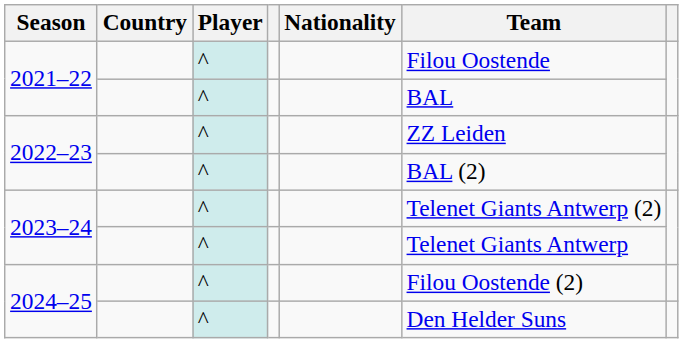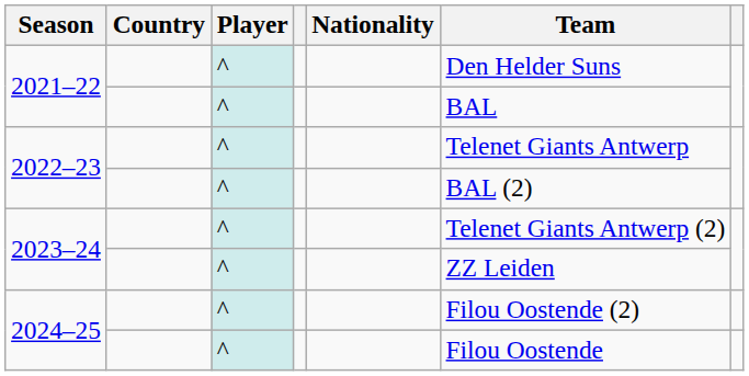 <table class="wikitable plainrowheaders sortable" summary="Year (sortable), Player (sortable), Position (sortable), Nationality (sortable) and Team (sortable)">
 <tr>
 <th scope="col">Season</th>
 <th scope="col">Country</th>
 <th scope="col">Player</th>
 <th scope="col"></th>
 <th scope="col">Nationality</th>
 <th scope="col">Team</th>
 <th scope="col"></th>
 </tr>
 <tr>
 <td rowspan="2" align=center><a href='#'>2021–22</a></td>
 <td></td>
 <td style="background:#CFECEC;">^</td>
 <td align=center></td>
 <td></td>
-<td> <a href='#'>Filou Oostende</a></td>
+<td> <a href='#'>Den Helder Suns</a></td>
 <td rowspan="2" align=center></td>
 </tr>
 <tr>
 <td></td>
 <td style="background:#CFECEC;">^</td>
 <td align=center></td>
 <td></td>
 <td> <a href='#'>BAL</a></td>
 </tr>
 <tr>
 <td rowspan="2" align=center><a href='#'>2022–23</a></td>
 <td></td>
 <td style="background:#CFECEC;">^</td>
 <td align=center></td>
 <td></td>
-<td> <a href='#'>ZZ Leiden</a></td>
+<td> <a href='#'>Telenet Giants Antwerp</a></td>
 <td rowspan="2" align=center></td>
 </tr>
 <tr>
 <td></td>
 <td style="background:#CFECEC;">^</td>
 <td align=center></td>
 <td></td>
 <td> <a href='#'>BAL</a> (2)</td>
 </tr>
 <tr>
 <td rowspan="2" align=center><a href='#'>2023–24</a></td>
 <td></td>
 <td style="background:#CFECEC;">^</td>
 <td align=center></td>
 <td></td>
 <td> <a href='#'>Telenet Giants Antwerp</a> (2)</td>
 <td rowspan="2" align=center></td>
 </tr>
 <tr>
 <td></td>
 <td style="background:#CFECEC;">^</td>
 <td align=center></td>
 <td></td>
-<td> <a href='#'>Telenet Giants Antwerp</a></td>
+<td> <a href='#'>ZZ Leiden</a></td>
 </tr>
 <tr>
 <td rowspan="2" align=center><a href='#'>2024–25</a></td>
 <td></td>
 <td style="background:#CFECEC;">^</td>
 <td align=center></td>
 <td></td>
 <td> <a href='#'>Filou Oostende</a> (2)</td>
 <td align=center></td>
 </tr>
 <tr>
 <td></td>
 <td style="background:#CFECEC;">^</td>
 <td align=center></td>
 <td></td>
-<td> <a href='#'>Den Helder Suns</a></td>
+<td> <a href='#'>Filou Oostende</a></td>
 <td align=center></td>
 </tr>
 </table>
